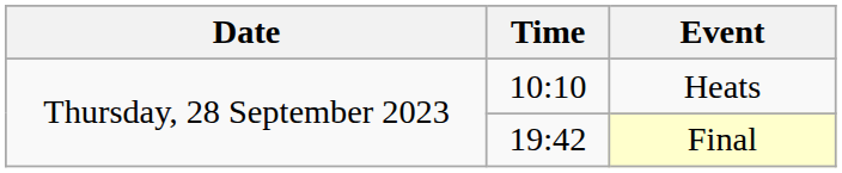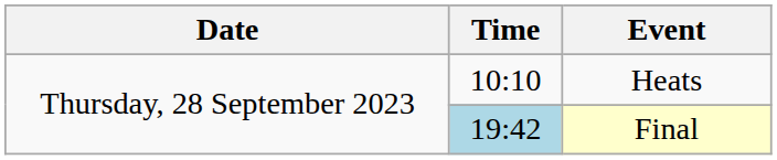 <table class = "wikitable" style="text-align:center;">
 <tr>
 <th width=220>Date</th>
 <th width=50>Time</th>
 <th width=100>Event</th>
 </tr>
 <tr>
 <td rowspan=3>Thursday, 28 September 2023</td>
 <td>10:10</td>
 <td>Heats</td>
 </tr>
 <tr>
-<td>19:42</td>
+<td style="background: lightblue;">19:42</td>
 <td bgcolor=ffffcc>Final</td>
 </tr>
 </table>
